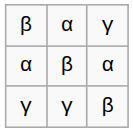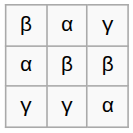 <table class="wikitable" style="margin-left:auto;margin-right:auto;text-align:center;width:6em;height:6em;table-layout:fixed;">
 <tr>
 <td>β</td>
 <td>α</td>
 <td>γ</td>
 </tr>
 <tr>
 <td>α</td>
 <td>β</td>
-<td>α</td>
+<td>β</td>
 </tr>
 <tr>
 <td>γ</td>
 <td>γ</td>
-<td>β</td>
+<td>α</td>
 </tr>
 </table>
